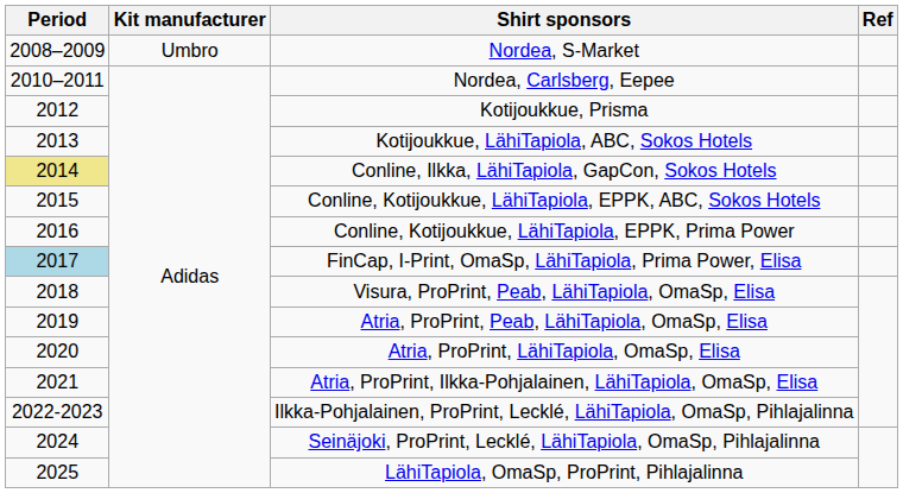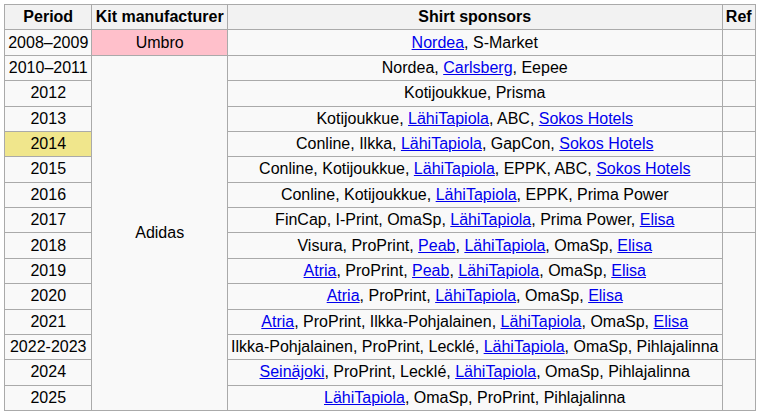 <table class="wikitable" style="text-align: center">
 <tr>
 <th>Period</th>
 <th>Kit manufacturer</th>
 <th>Shirt sponsors</th>
 <th>Ref</th>
 </tr>
 <tr>
 <td>2008–2009</td>
-<td> Umbro</td>
+<td style="background: pink;"> Umbro</td>
 <td><a href='#'>Nordea</a>, S-Market</td>
 <td></td>
 </tr>
 <tr>
 <td>2010–2011</td>
 <td rowspan=15> Adidas</td>
 <td>Nordea, <a href='#'>Carlsberg</a>, Eepee</td>
 <td></td>
 </tr>
 <tr>
 <td>2012</td>
 <td>Kotijoukkue, Prisma</td>
 <td></td>
 </tr>
 <tr>
 <td>2013</td>
 <td>Kotijoukkue, <a href='#'>LähiTapiola</a>, ABC, <a href='#'>Sokos Hotels</a></td>
 <td></td>
 </tr>
 <tr>
 <td style="background: khaki;">2014</td>
 <td>Conline, Ilkka, <a href='#'>LähiTapiola</a>, GapCon, <a href='#'>Sokos Hotels</a></td>
 <td></td>
 </tr>
 <tr>
 <td>2015</td>
 <td>Conline, Kotijoukkue, <a href='#'>LähiTapiola</a>, EPPK, ABC, <a href='#'>Sokos Hotels</a></td>
 <td></td>
 </tr>
 <tr>
 <td>2016</td>
 <td>Conline, Kotijoukkue, <a href='#'>LähiTapiola</a>, EPPK, Prima Power</td>
 <td></td>
 </tr>
 <tr>
-<td style="background: lightblue;">2017</td>
+<td>2017</td>
 <td>FinCap, I-Print, OmaSp, <a href='#'>LähiTapiola</a>, Prima Power, <a href='#'>Elisa</a></td>
 <td></td>
 </tr>
 <tr>
 <td>2018</td>
 <td>Visura, ProPrint, <a href='#'>Peab</a>, <a href='#'>LähiTapiola</a>, OmaSp, <a href='#'>Elisa</a></td>
 <td rowspan="5"></td>
 </tr>
 <tr>
 <td>2019</td>
 <td><a href='#'>Atria</a>, ProPrint, <a href='#'>Peab</a>, <a href='#'>LähiTapiola</a>, OmaSp, <a href='#'>Elisa</a></td>
 </tr>
 <tr>
 <td>2020</td>
 <td><a href='#'>Atria</a>, ProPrint, <a href='#'>LähiTapiola</a>, OmaSp, <a href='#'>Elisa</a></td>
 </tr>
 <tr>
 <td>2021</td>
 <td><a href='#'>Atria</a>, ProPrint, Ilkka-Pohjalainen, <a href='#'>LähiTapiola</a>, OmaSp, <a href='#'>Elisa</a></td>
 </tr>
 <tr>
 <td>2022-2023</td>
 <td>Ilkka-Pohjalainen, ProPrint, Lecklé, <a href='#'>LähiTapiola</a>, OmaSp, Pihlajalinna</td>
 </tr>
 <tr>
 <td>2024</td>
 <td><a href='#'>Seinäjoki</a>, ProPrint, Lecklé, <a href='#'>LähiTapiola</a>, OmaSp, Pihlajalinna</td>
 <td rowspan="2"></td>
 </tr>
 <tr>
 <td>2025</td>
 <td><a href='#'>LähiTapiola</a>, OmaSp, ProPrint, Pihlajalinna</td>
 </tr>
 </table>
